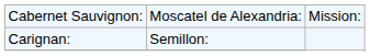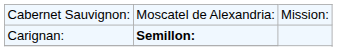 <table class="wikitable" style="background:#F0F8FF; font-size:95%;">
 <tr>
 <td>Cabernet Sauvignon: </td>
 <td>Moscatel de Alexandria: </td>
 <td>Mission: </td>
 </tr>
 <tr>
 <td>Carignan: </td>
-<td>Semillon: </td>
+<td><strong>Semillon: </strong></td>
 </tr>
 <tr>
 </tr>
 </table>
